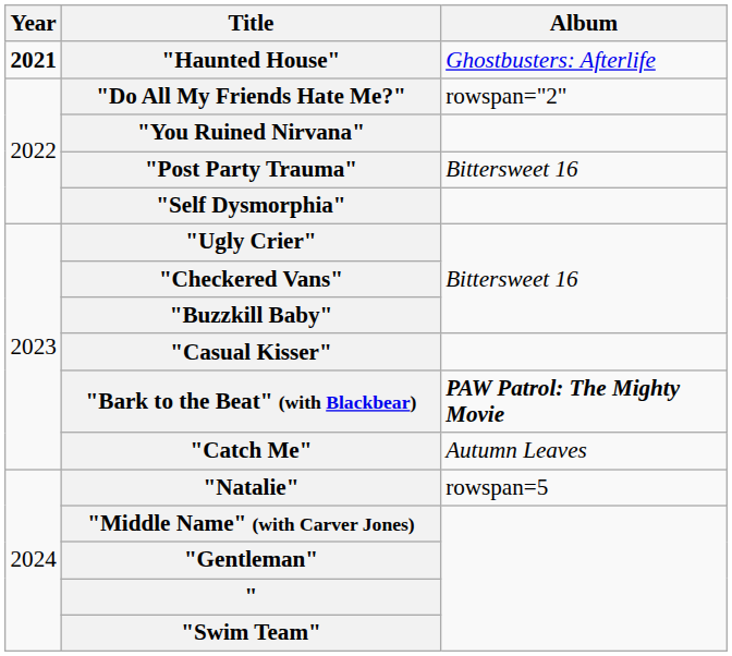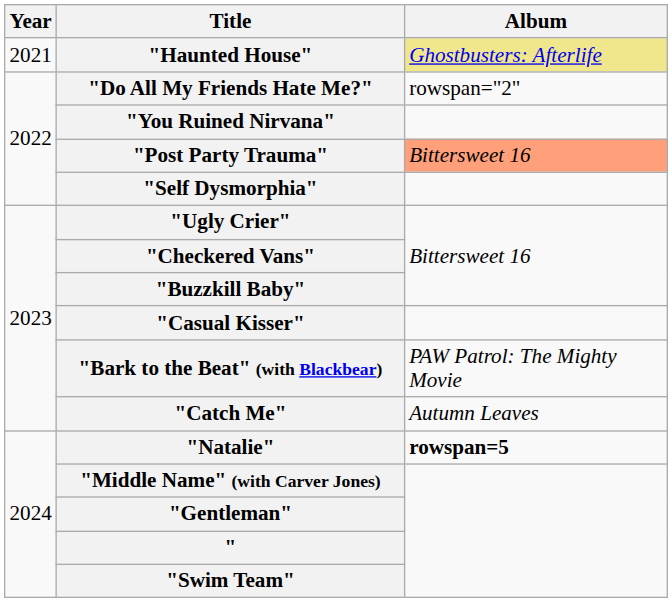 <table class="wikitable plainrowheaders" style="text-align:left;">
 <tr>
 <th scope="col" style="width:1em;">Year</th>
 <th scope="col" style="width:16em;">Title</th>
 <th scope="col" style="width:12em;">Album</th>
 </tr>
 <tr>
-<td><strong>2021</strong></td>
+<td>2021</td>
 <th scope="row">"Haunted House"</th>
-<td><em><a href='#'>Ghostbusters: Afterlife</a></em></td>
+<td style="background: khaki;"><em><a href='#'>Ghostbusters: Afterlife</a></em></td>
 </tr>
 <tr>
 <td rowspan="4">2022</td>
 <th scope="row">"Do All My Friends Hate Me?"</th>
 <td>rowspan="2" </td>
 </tr>
 <tr>
 <th scope="row">"You Ruined Nirvana"</th>
 </tr>
 <tr>
 <th scope="row">"Post Party Trauma"</th>
-<td><em>Bittersweet 16</em></td>
+<td style="background: lightsalmon;"><em>Bittersweet 16</em></td>
 </tr>
 <tr>
 <th scope="row">"Self Dysmorphia"</th>
 <td></td>
 </tr>
 <tr>
 <td rowspan="6">2023</td>
 <th scope="row">"Ugly Crier"</th>
 <td rowspan="3"><em>Bittersweet 16</em></td>
 </tr>
 <tr>
 <th scope="row">"Checkered Vans"</th>
 </tr>
 <tr>
 <th scope="row">"Buzzkill Baby"</th>
 </tr>
 <tr>
 <th scope="row">"Casual Kisser"</th>
 <td></td>
 </tr>
 <tr>
 <th scope="row">"Bark to the Beat" <small>(with <a href='#'>Blackbear</a>)</small></th>
-<td><strong><em>PAW Patrol: The Mighty Movie</em></strong></td>
+<td><em>PAW Patrol: The Mighty Movie</em></td>
 </tr>
 <tr>
 <th scope="row">"Catch Me"</th>
 <td><em>Autumn Leaves</em></td>
 </tr>
 <tr>
 <td rowspan="5">2024</td>
 <th scope="row">"Natalie"</th>
-<td>rowspan=5 </td>
+<td><strong>rowspan=5 </strong></td>
 </tr>
 <tr>
 <th scope="row">"Middle Name" <small>(with Carver Jones)</small></th>
 </tr>
 <tr>
 <th scope="row">"Gentleman"</th>
 </tr>
 <tr>
 <th scope="row">"</th>
 </tr>
 <tr>
 <th scope="row">"Swim Team"</th>
 </tr>
 </table>
